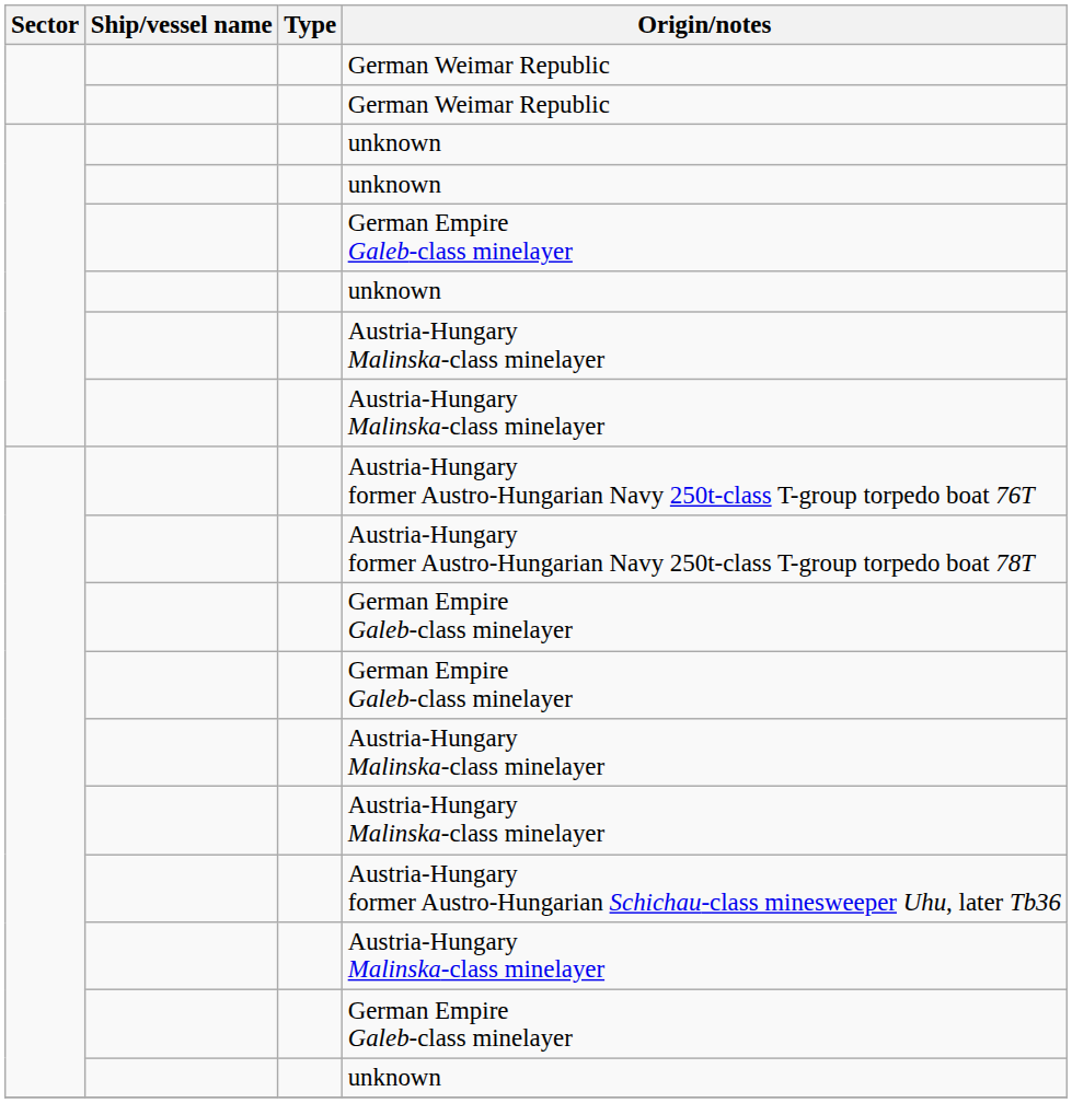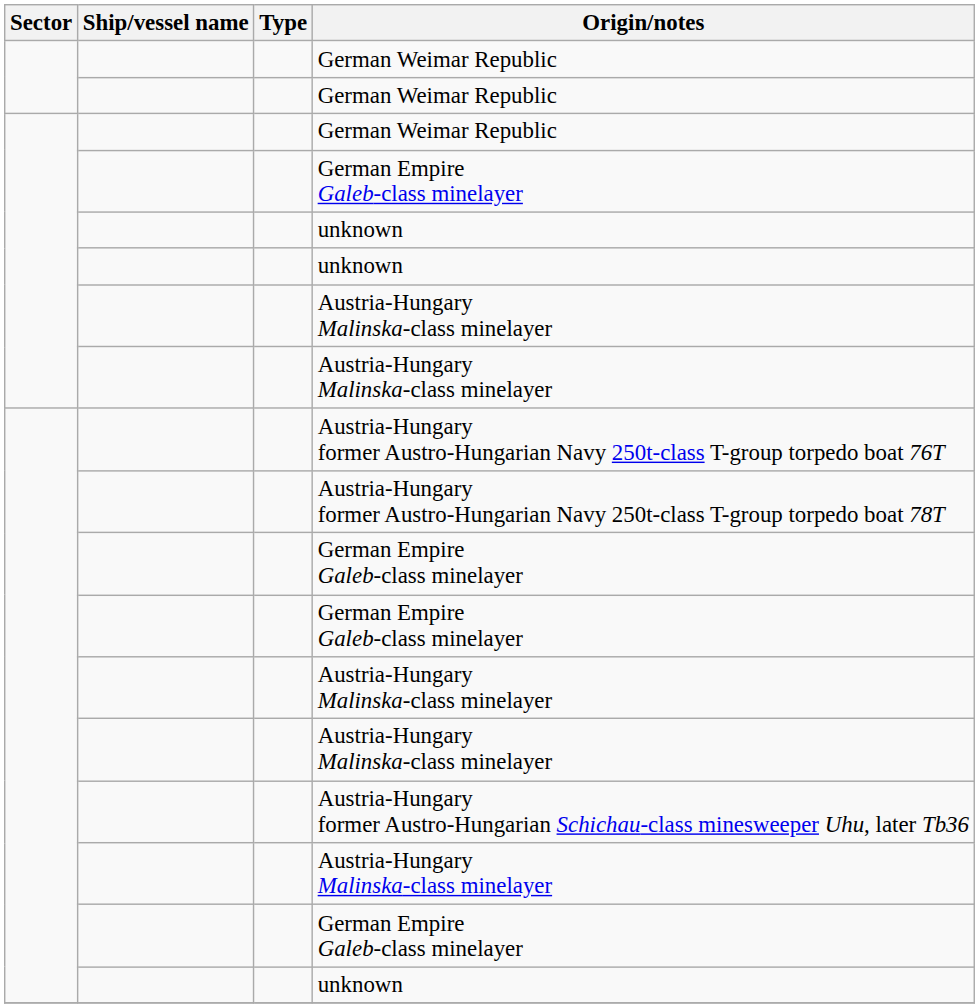 <table class="wikitable">
 <tr>
 <th scope="col">Sector</th>
 <th scope="col">Ship/vessel name</th>
 <th scope="col">Type</th>
 <th scope="col">Origin/notes</th>
 </tr>
 <tr>
 <td rowspan=2></td>
 <td></td>
 <td></td>
 <td>German Weimar Republic</td>
 </tr>
 <tr>
 <td></td>
 <td></td>
 <td>German Weimar Republic</td>
 </tr>
 <tr>
 <td rowspan=6></td>
 <td></td>
 <td></td>
-<td>unknown</td>
+<td>German Weimar Republic</td>
+</tr>
+<tr>
+<td></td>
+<td></td>
+<td>German Empire<br><a href='#'><em>Galeb</em>-class minelayer</a></td>
 </tr>
 <tr>
 <td></td>
 <td></td>
 <td>unknown</td>
-</tr>
-<tr>
-<td></td>
-<td></td>
-<td>German Empire<br><a href='#'><em>Galeb</em>-class minelayer</a></td>
 </tr>
 <tr>
 <td></td>
 <td></td>
 <td>unknown</td>
 </tr>
 <tr>
 <td></td>
 <td></td>
 <td>Austria-Hungary<br><em>Malinska</em>-class minelayer</td>
 </tr>
 <tr>
 <td></td>
 <td></td>
 <td>Austria-Hungary<br><em>Malinska</em>-class minelayer</td>
 </tr>
 <tr>
 <td rowspan=10></td>
 <td></td>
 <td></td>
 <td>Austria-Hungary<br>former Austro-Hungarian Navy <a href='#'>250t-class</a> T-group torpedo boat <em>76T</em></td>
 </tr>
 <tr>
 <td></td>
 <td></td>
 <td>Austria-Hungary<br>former Austro-Hungarian Navy 250t-class T-group torpedo boat <em>78T</em></td>
 </tr>
 <tr>
 <td></td>
 <td></td>
 <td>German Empire<br><em>Galeb</em>-class minelayer</td>
 </tr>
 <tr>
 <td></td>
 <td></td>
 <td>German Empire<br><em>Galeb</em>-class minelayer</td>
 </tr>
 <tr>
 <td></td>
 <td></td>
 <td>Austria-Hungary<br><em>Malinska</em>-class minelayer</td>
 </tr>
 <tr>
 <td></td>
 <td></td>
 <td>Austria-Hungary<br><em>Malinska</em>-class minelayer</td>
 </tr>
 <tr>
 <td></td>
 <td></td>
 <td>Austria-Hungary<br>former Austro-Hungarian <a href='#'><em>Schichau</em>-class minesweeper</a> <em>Uhu</em>, later <em>Tb36</em></td>
 </tr>
 <tr>
 <td></td>
 <td></td>
 <td>Austria-Hungary<br><a href='#'><em>Malinska</em>-class minelayer</a></td>
 </tr>
 <tr>
 <td></td>
 <td></td>
 <td>German Empire<br><em>Galeb</em>-class minelayer</td>
 </tr>
 <tr>
 <td></td>
 <td></td>
 <td>unknown</td>
 </tr>
 <tr>
 </tr>
 </table>
